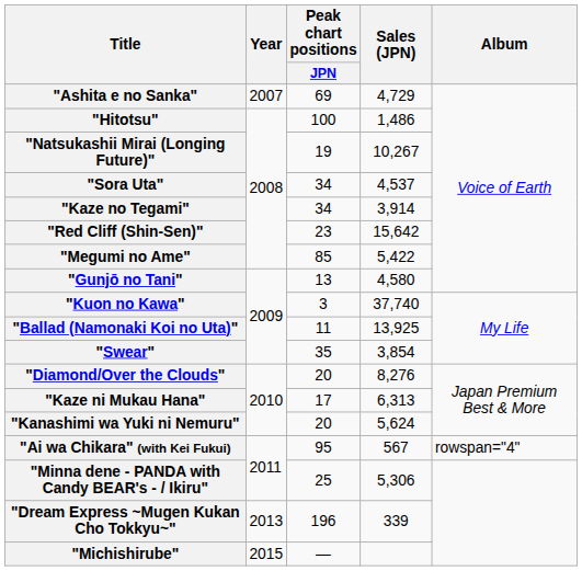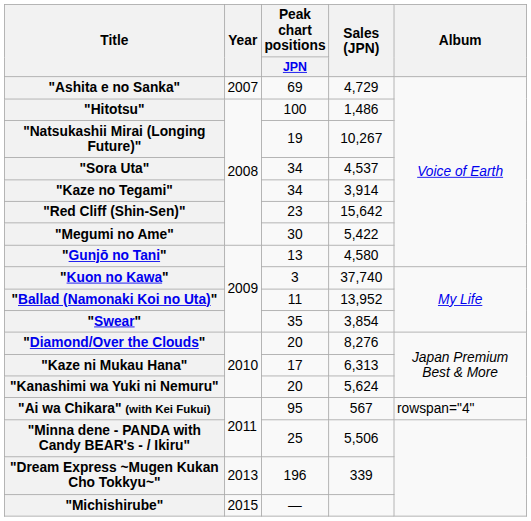 <table class="wikitable plainrowheaders">
 <tr>
 <th rowspan="2">Title</th>
 <th rowspan="2">Year</th>
 <th>Peak chart positions</th>
 <th rowspan="2">Sales (JPN)</th>
 <th rowspan="2">Album</th>
 </tr>
 <tr>
 <th scope="col" style="width:3em;font-size:90%;"><a href='#'>JPN</a></th>
 </tr>
 <tr>
 <th scope="row">"Ashita e no Sanka"</th>
 <td>2007</td>
 <td align="center">69</td>
 <td align="center">4,729</td>
 <td rowspan="8" align="center"><em><a href='#'>Voice of Earth</a></em></td>
 </tr>
 <tr>
 <th scope="row">"Hitotsu"</th>
 <td rowspan="6">2008</td>
 <td align="center">100</td>
 <td align="center">1,486</td>
 </tr>
 <tr>
 <th scope="row">"Natsukashii Mirai (Longing Future)"</th>
 <td align="center">19</td>
 <td align="center">10,267</td>
 </tr>
 <tr>
 <th scope="row">"Sora Uta"</th>
 <td align="center">34</td>
 <td align="center">4,537</td>
 </tr>
 <tr>
 <th scope="row">"Kaze no Tegami"</th>
 <td align="center">34</td>
 <td align="center">3,914</td>
 </tr>
 <tr>
 <th scope="row">"Red Cliff (Shin-Sen)"</th>
 <td align="center">23</td>
 <td align="center">15,642</td>
 </tr>
 <tr>
 <th scope="row">"Megumi no Ame"</th>
-<td align="center">85</td>
+<td align="center">30</td>
 <td align="center">5,422</td>
 </tr>
 <tr>
 <th scope="row">"<a href='#'>Gunjō no Tani</a>"</th>
 <td rowspan="4">2009</td>
 <td align="center">13</td>
 <td align="center">4,580</td>
 </tr>
 <tr>
 <th scope="row">"<a href='#'>Kuon no Kawa</a>"</th>
 <td align="center">3</td>
 <td align="center">37,740</td>
 <td rowspan="3" align="center"><em><a href='#'>My Life</a></em></td>
 </tr>
 <tr>
 <th scope="row">"<a href='#'>Ballad (Namonaki Koi no Uta)</a>"</th>
 <td align="center">11</td>
-<td align="center">13,925</td>
+<td align="center">13,952</td>
 </tr>
 <tr>
 <th scope="row">"<a href='#'>Swear</a>"</th>
 <td align="center">35</td>
 <td align="center">3,854</td>
 </tr>
 <tr>
 <th scope="row">"<a href='#'>Diamond/Over the Clouds</a>"</th>
 <td rowspan="3">2010</td>
 <td align="center">20</td>
 <td align="center">8,276</td>
 <td rowspan="3" align="center"><em>Japan Premium Best & More</em></td>
 </tr>
 <tr>
 <th scope="row">"Kaze ni Mukau Hana"</th>
 <td align="center">17</td>
 <td align="center">6,313</td>
 </tr>
 <tr>
 <th scope="row">"Kanashimi wa Yuki ni Nemuru"</th>
 <td align="center">20</td>
 <td align="center">5,624</td>
 </tr>
 <tr>
 <th scope="row">"Ai wa Chikara" <small>(with Kei Fukui)</small></th>
 <td rowspan="2">2011</td>
 <td align="center">95</td>
 <td align="center">567</td>
 <td>rowspan="4" </td>
 </tr>
 <tr>
 <th scope="row">"Minna dene - PANDA with Candy BEAR's - / Ikiru"</th>
 <td align="center">25</td>
-<td align="center">5,306</td>
+<td align="center">5,506</td>
 </tr>
 <tr>
 <th scope="row">"Dream Express ~Mugen Kukan Cho Tokkyu~"</th>
 <td>2013</td>
 <td align="center">196</td>
 <td align="center">339</td>
 </tr>
 <tr>
 <th scope="row">"Michishirube"</th>
 <td>2015</td>
 <td align="center">—</td>
 <td></td>
 </tr>
 </table>
